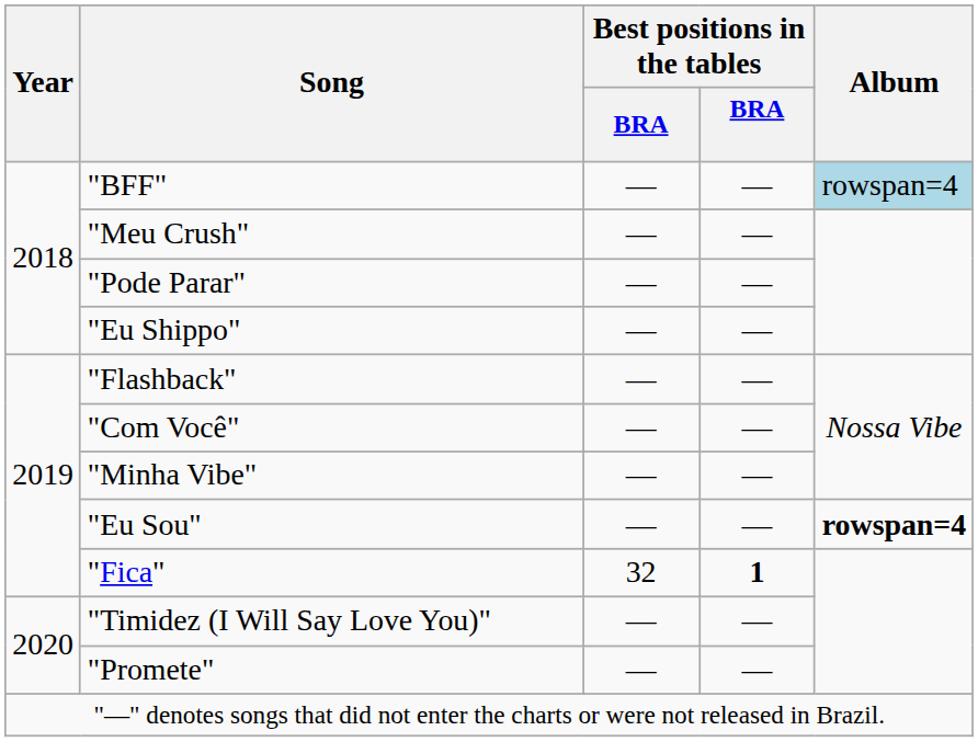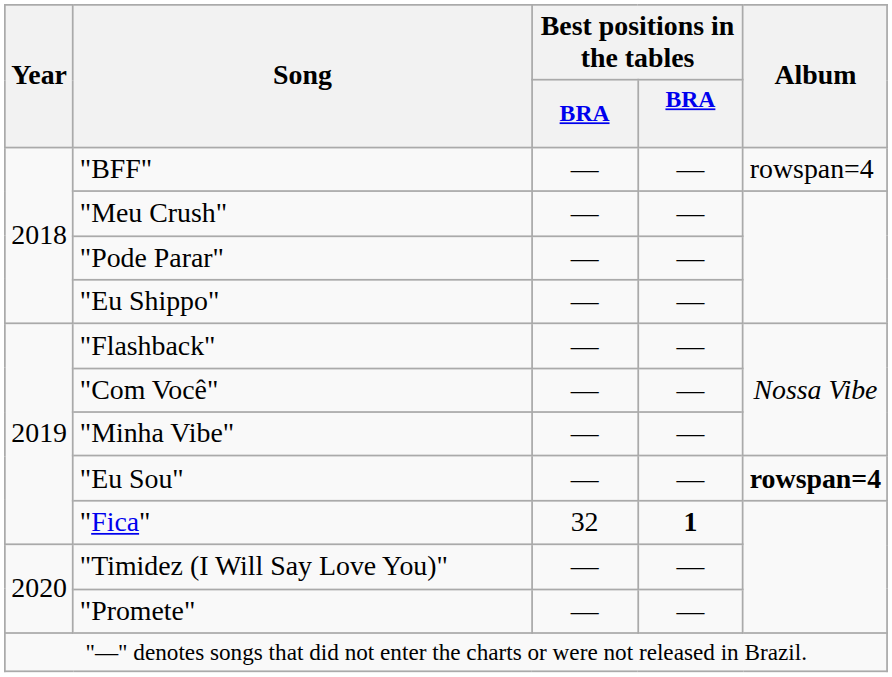 <table class="wikitable">
 <tr>
 <th rowspan="2" scope="col">Year</th>
 <th rowspan="2" scope="col" style="width:16em;">Song</th>
 <th colspan="2" scope="col">Best positions in the tables</th>
 <th rowspan="2" scope="col">Album</th>
 </tr>
 <tr>
 <th scope="col" style="width:4em;font-size:85%;"><a href='#'>BRA</a><br></th>
 <th scope="col" style="width:4em;font-size:85%;"><a href='#'>BRA<br></a><br></th>
 </tr>
 <tr>
 <td rowspan=4>2018</td>
 <td>"BFF"</td>
 <td align="center">—</td>
 <td align="center">—</td>
-<td style="background: lightblue;">rowspan=4 </td>
+<td>rowspan=4 </td>
 </tr>
 <tr>
 <td>"Meu Crush"</td>
 <td align="center">—</td>
 <td align="center">—</td>
 </tr>
 <tr>
 <td>"Pode Parar"</td>
 <td align="center">—</td>
 <td align="center">—</td>
 </tr>
 <tr>
 <td>"Eu Shippo"</td>
 <td align="center">—</td>
 <td align="center">—</td>
 </tr>
 <tr>
 <td rowspan=5>2019</td>
 <td>"Flashback"</td>
 <td align="center">—</td>
 <td align="center">—</td>
 <td align="center" rowspan="3"><em>Nossa Vibe</em></td>
 </tr>
 <tr>
 <td>"Com Você"</td>
 <td align="center">—</td>
 <td align="center">—</td>
 </tr>
 <tr>
 <td>"Minha Vibe"</td>
 <td align="center">—</td>
 <td align="center">—</td>
 </tr>
 <tr>
 <td>"Eu Sou"</td>
 <td align="center">—</td>
 <td align="center">—</td>
 <td><strong>rowspan=4 </strong></td>
 </tr>
 <tr>
 <td>"<a href='#'>Fica</a>"</td>
 <td align="center">32</td>
 <td align="center"><strong>1</strong></td>
 </tr>
 <tr>
 <td rowspan=2>2020</td>
 <td>"Timidez (I Will Say Love You)"</td>
 <td align="center">—</td>
 <td align="center">—</td>
 </tr>
 <tr>
 <td>"Promete"</td>
 <td align="center">—</td>
 <td align="center">—</td>
 </tr>
 <tr>
 <td align="center" colspan="16" align="center" style="font-size:10pt">"—" denotes songs that did not enter the charts or were not released in Brazil.</td>
 </tr>
 </table>
